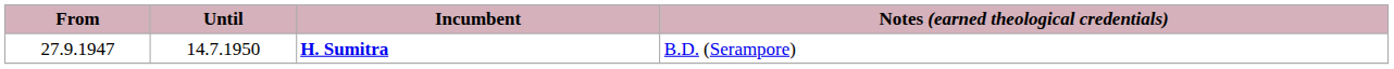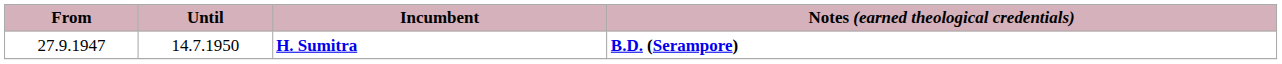 <table class="wikitable" style="width: 95%;">
 <tr>
 <th style="background-color: #D4B1BB; width: 10%;">From</th>
 <th style="background-color: #D4B1BB; width: 10%;">Until</th>
 <th style="background-color: #D4B1BB; width: 25%;">Incumbent</th>
 <th style="background-color: #D4B1BB; width: 50%;">Notes <em>(earned theological credentials)</em></th>
 </tr>
 <tr valign="top" style="background-color: white;">
 <td style="text-align: center;">27.9.1947</td>
 <td style="text-align: center;">14.7.1950</td>
 <td><strong><a href='#'>H. Sumitra</a></strong></td>
-<td><a href='#'>B.D.</a> (<a href='#'>Serampore</a>)</td>
+<td><strong><a href='#'>B.D.</a> (<a href='#'>Serampore</a>)</strong></td>
 </tr>
 <tr valign="top" style="background-color: #F7F0F2;">
 </tr>
 </table>
